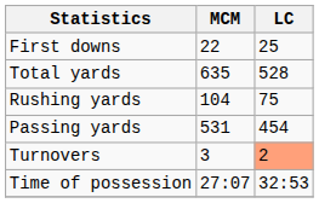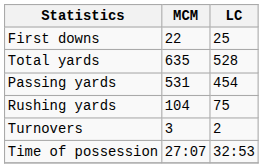 <table class="wikitable">
 <tr>
 <th>Statistics</th>
 <th>MCM</th>
 <th>LC</th>
 </tr>
 <tr>
 <td>First downs</td>
 <td>22</td>
 <td>25</td>
 </tr>
 <tr>
 <td>Total yards</td>
 <td>635</td>
 <td>528</td>
 </tr>
 <tr>
+<td>Passing yards</td>
+<td>531</td>
+<td>454</td>
+</tr>
+<tr>
 <td>Rushing yards</td>
 <td>104</td>
 <td>75</td>
 </tr>
 <tr>
-<td>Passing yards</td>
-<td>531</td>
-<td>454</td>
-</tr>
-<tr>
 <td>Turnovers</td>
 <td>3</td>
-<td style="background: lightsalmon;">2</td>
+<td>2</td>
 </tr>
 <tr>
 <td>Time of possession</td>
 <td>27:07</td>
 <td>32:53</td>
 </tr>
 <tr>
 </tr>
 </table>
